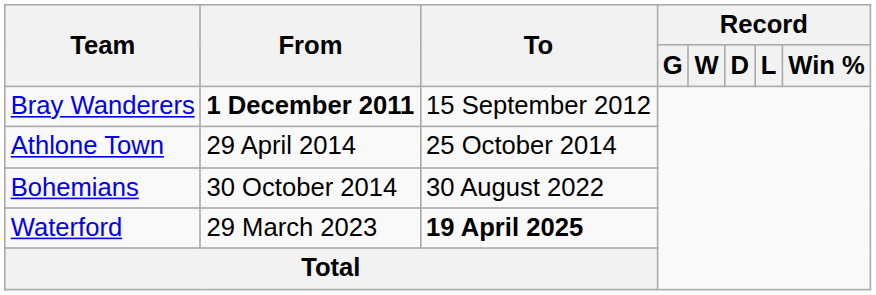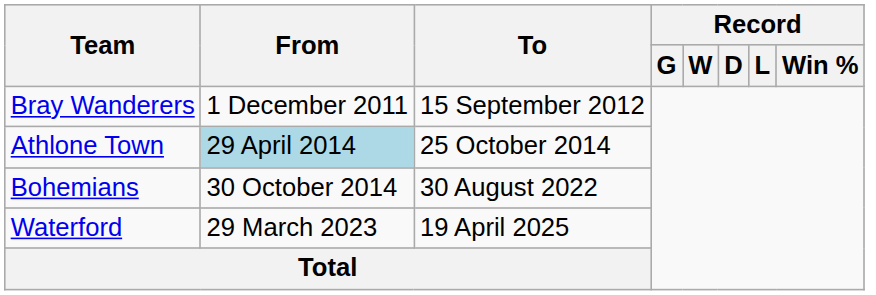 <table class="wikitable" style="text-align: centre;">
 <tr>
 <th rowspan=2>Team</th>
 <th rowspan=2>From</th>
 <th rowspan=2>To</th>
 <th colspan=8>Record</th>
 </tr>
 <tr>
 <th>G</th>
 <th>W</th>
 <th>D</th>
 <th>L</th>
 <th>Win %</th>
 </tr>
 <tr>
 <td align=left><a href='#'>Bray Wanderers</a></td>
-<td align=left><strong>1 December 2011</strong></td>
+<td align=left>1 December 2011</td>
 <td align=left>15 September 2012<br></td>
 </tr>
 <tr>
 <td align=left><a href='#'>Athlone Town</a></td>
-<td align=left>29 April 2014</td>
+<td align=left style="background: lightblue;">29 April 2014</td>
 <td align=left>25 October 2014<br></td>
 </tr>
 <tr>
 <td align=left><a href='#'>Bohemians</a></td>
 <td align=left>30 October 2014</td>
 <td align=left>30 August 2022<br></td>
 </tr>
 <tr>
 <td align=left><a href='#'>Waterford</a></td>
 <td align=left>29 March 2023</td>
-<td align=left><strong>19 April 2025<br></strong></td>
+<td align=left>19 April 2025<br></td>
 </tr>
 <tr>
 <th colspan="3">Total<br></th>
 </tr>
 </table>
